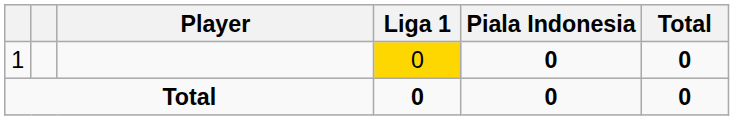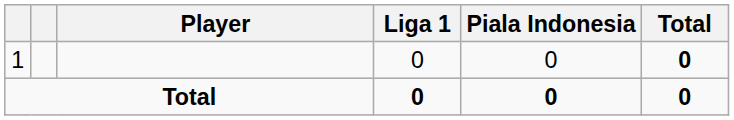 <table class="wikitable sortable" style="font-size: 95%; text-align: center;">
 <tr>
 <th width=10></th>
 <th width=10></th>
 <th width=200>Player</th>
 <th width=50>Liga 1</th>
 <th>Piala Indonesia</th>
 <th width=50>Total</th>
 </tr>
 <tr>
 <td>1</td>
 <td></td>
 <td align=left></td>
-<td style="background: gold;">0</td>
-<td><strong>0</strong></td>
+<td>0</td>
+<td>0</td>
 <td><strong>0</strong></td>
 </tr>
 <tr class="sortbottom">
 <td colspan=3><strong>Total</strong></td>
 <td><strong>0</strong></td>
 <td><strong>0</strong></td>
 <td><strong>0</strong></td>
 </tr>
 </table>
